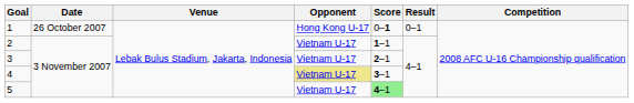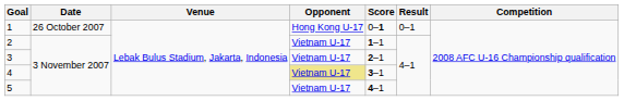 <table class="wikitable" style="font-size:90%">
 <tr>
 <th>Goal</th>
 <th>Date</th>
 <th>Venue</th>
 <th>Opponent</th>
 <th>Score</th>
 <th>Result</th>
 <th>Competition</th>
 </tr>
 <tr>
 <td>1</td>
 <td>26 October 2007</td>
 <td rowspan=5><a href='#'>Lebak Bulus Stadium</a>, <a href='#'>Jakarta</a>, <a href='#'>Indonesia</a></td>
 <td> <a href='#'>Hong Kong U-17</a></td>
 <td>0–<strong>1</strong></td>
 <td>0–1</td>
 <td rowspan=5><a href='#'>2008 AFC U-16 Championship qualification</a></td>
 </tr>
 <tr>
 <td>2</td>
 <td rowspan=4>3 November 2007</td>
 <td rowpspan=4> <a href='#'>Vietnam U-17</a></td>
 <td><strong>1</strong>–1</td>
 <td rowspan=4>4–1</td>
 </tr>
 <tr>
 <td>3</td>
 <td> <a href='#'>Vietnam U-17</a></td>
 <td><strong>2</strong>–1</td>
 </tr>
 <tr>
 <td>4</td>
 <td style="background: khaki;"> <a href='#'>Vietnam U-17</a></td>
 <td><strong>3</strong>–1</td>
 </tr>
 <tr>
 <td>5</td>
 <td> <a href='#'>Vietnam U-17</a></td>
-<td style="background: lightgreen;"><strong>4</strong>–1</td>
+<td><strong>4</strong>–1</td>
 </tr>
 </table>
